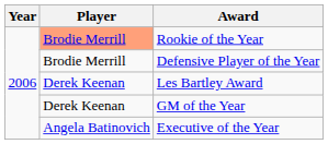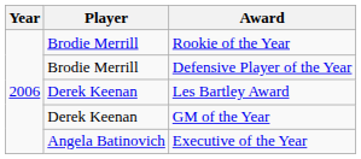 <table class="wikitable">
 <tr>
 <th>Year</th>
 <th>Player</th>
 <th>Award</th>
 </tr>
 <tr>
 <td rowspan="5"><a href='#'>2006</a></td>
-<td style="background: lightsalmon;"><a href='#'>Brodie Merrill</a></td>
+<td><a href='#'>Brodie Merrill</a></td>
 <td><a href='#'>Rookie of the Year</a></td>
 </tr>
 <tr>
 <td>Brodie Merrill</td>
 <td><a href='#'>Defensive Player of the Year</a></td>
 </tr>
 <tr>
 <td><a href='#'>Derek Keenan</a></td>
 <td><a href='#'>Les Bartley Award</a></td>
 </tr>
 <tr>
 <td>Derek Keenan</td>
 <td><a href='#'>GM of the Year</a></td>
 </tr>
 <tr>
 <td><a href='#'>Angela Batinovich</a></td>
 <td><a href='#'>Executive of the Year</a></td>
 </tr>
 </table>
